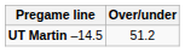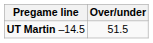 <table class="wikitable">
 <tr align="center">
 <th>Pregame line</th>
 <th>Over/under</th>
 </tr>
 <tr align="center">
 <td><strong>UT Martin</strong> –14.5</td>
-<td>51.2</td>
+<td>51.5</td>
 </tr>
 </table>
